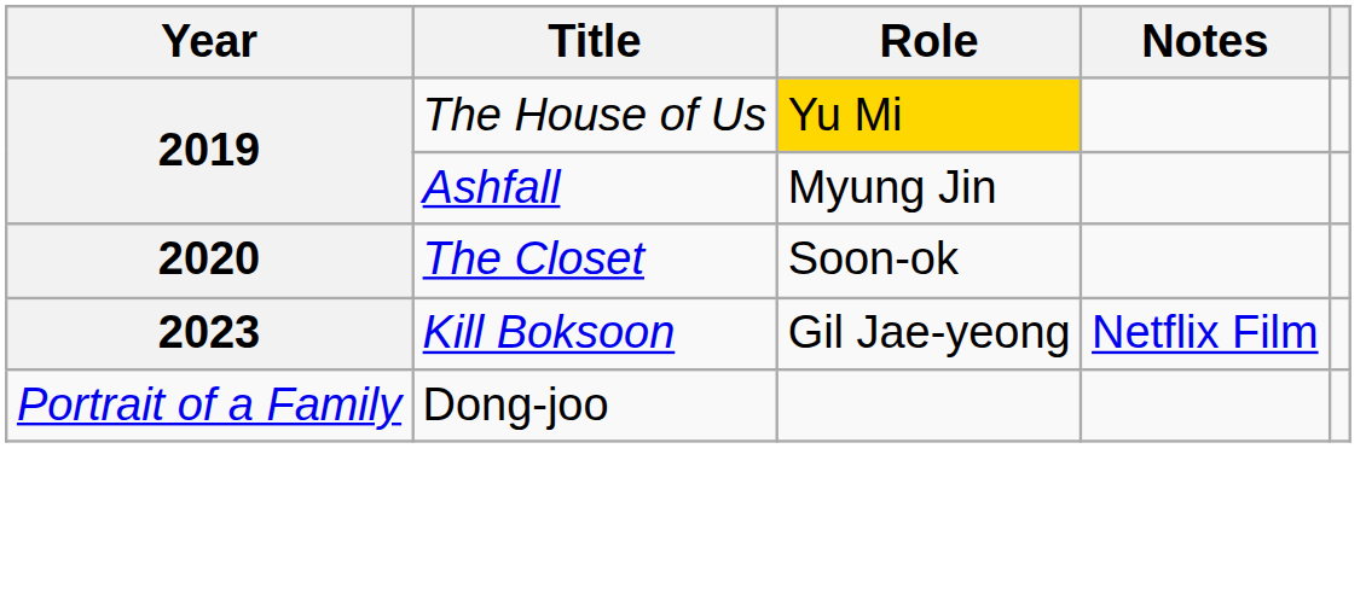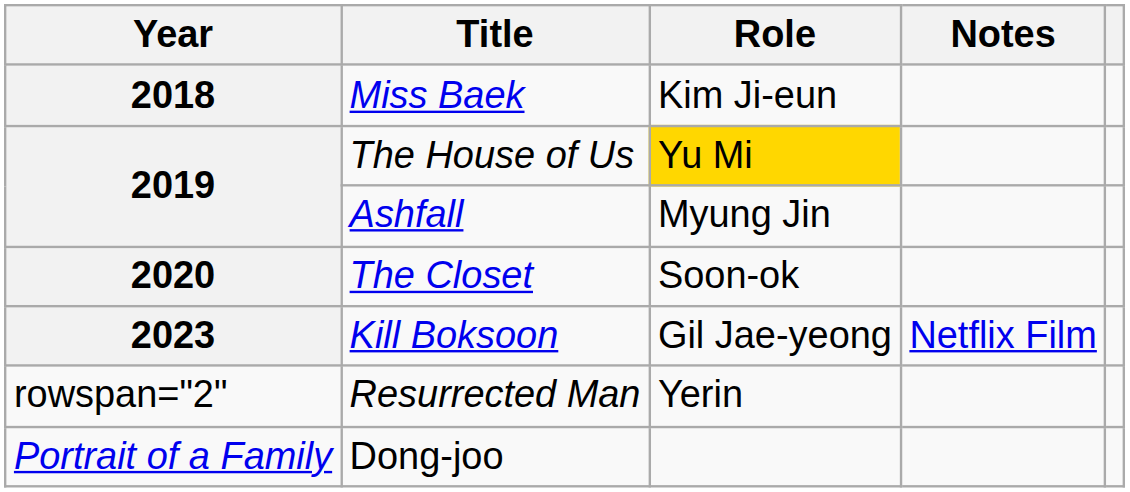 <table class="wikitable plainrowheaders sortable">
 <tr>
 <th scope="col">Year</th>
 <th scope="col">Title</th>
 <th scope="col">Role</th>
 <th scope="col">Notes</th>
 <th scope="col" class="unsortable"></th>
+</tr>
+<tr>
+<th scope="row">2018</th>
+<td><em><a href='#'>Miss Baek</a></em></td>
+<td>Kim Ji-eun</td>
+<td></td>
+<td></td>
 </tr>
 <tr>
 <th scope="row" rowspan="2">2019</th>
 <td><em>The House of Us</em></td>
 <td style="background: gold;">Yu Mi</td>
 <td></td>
 <td></td>
 </tr>
 <tr>
 <td><em><a href='#'>Ashfall</a></em></td>
 <td>Myung Jin</td>
 <td></td>
 <td></td>
 </tr>
 <tr>
 <th scope="row">2020</th>
 <td><em><a href='#'>The Closet</a></em></td>
 <td>Soon-ok</td>
 <td></td>
 <td></td>
 </tr>
 <tr>
 <th scope="row">2023</th>
 <td><em><a href='#'>Kill Boksoon</a></em></td>
 <td>Gil Jae-yeong</td>
 <td><a href='#'>Netflix Film</a></td>
 <td></td>
 </tr>
 <tr>
+<td>rowspan="2" </td>
+<td><em>Resurrected Man</em></td>
+<td>Yerin</td>
+<td></td>
+<td></td>
+</tr>
+<tr>
 <td><em><a href='#'>Portrait of a Family</a></em></td>
 <td>Dong-joo</td>
 <td></td>
 <td></td>
 </tr>
 </table>
